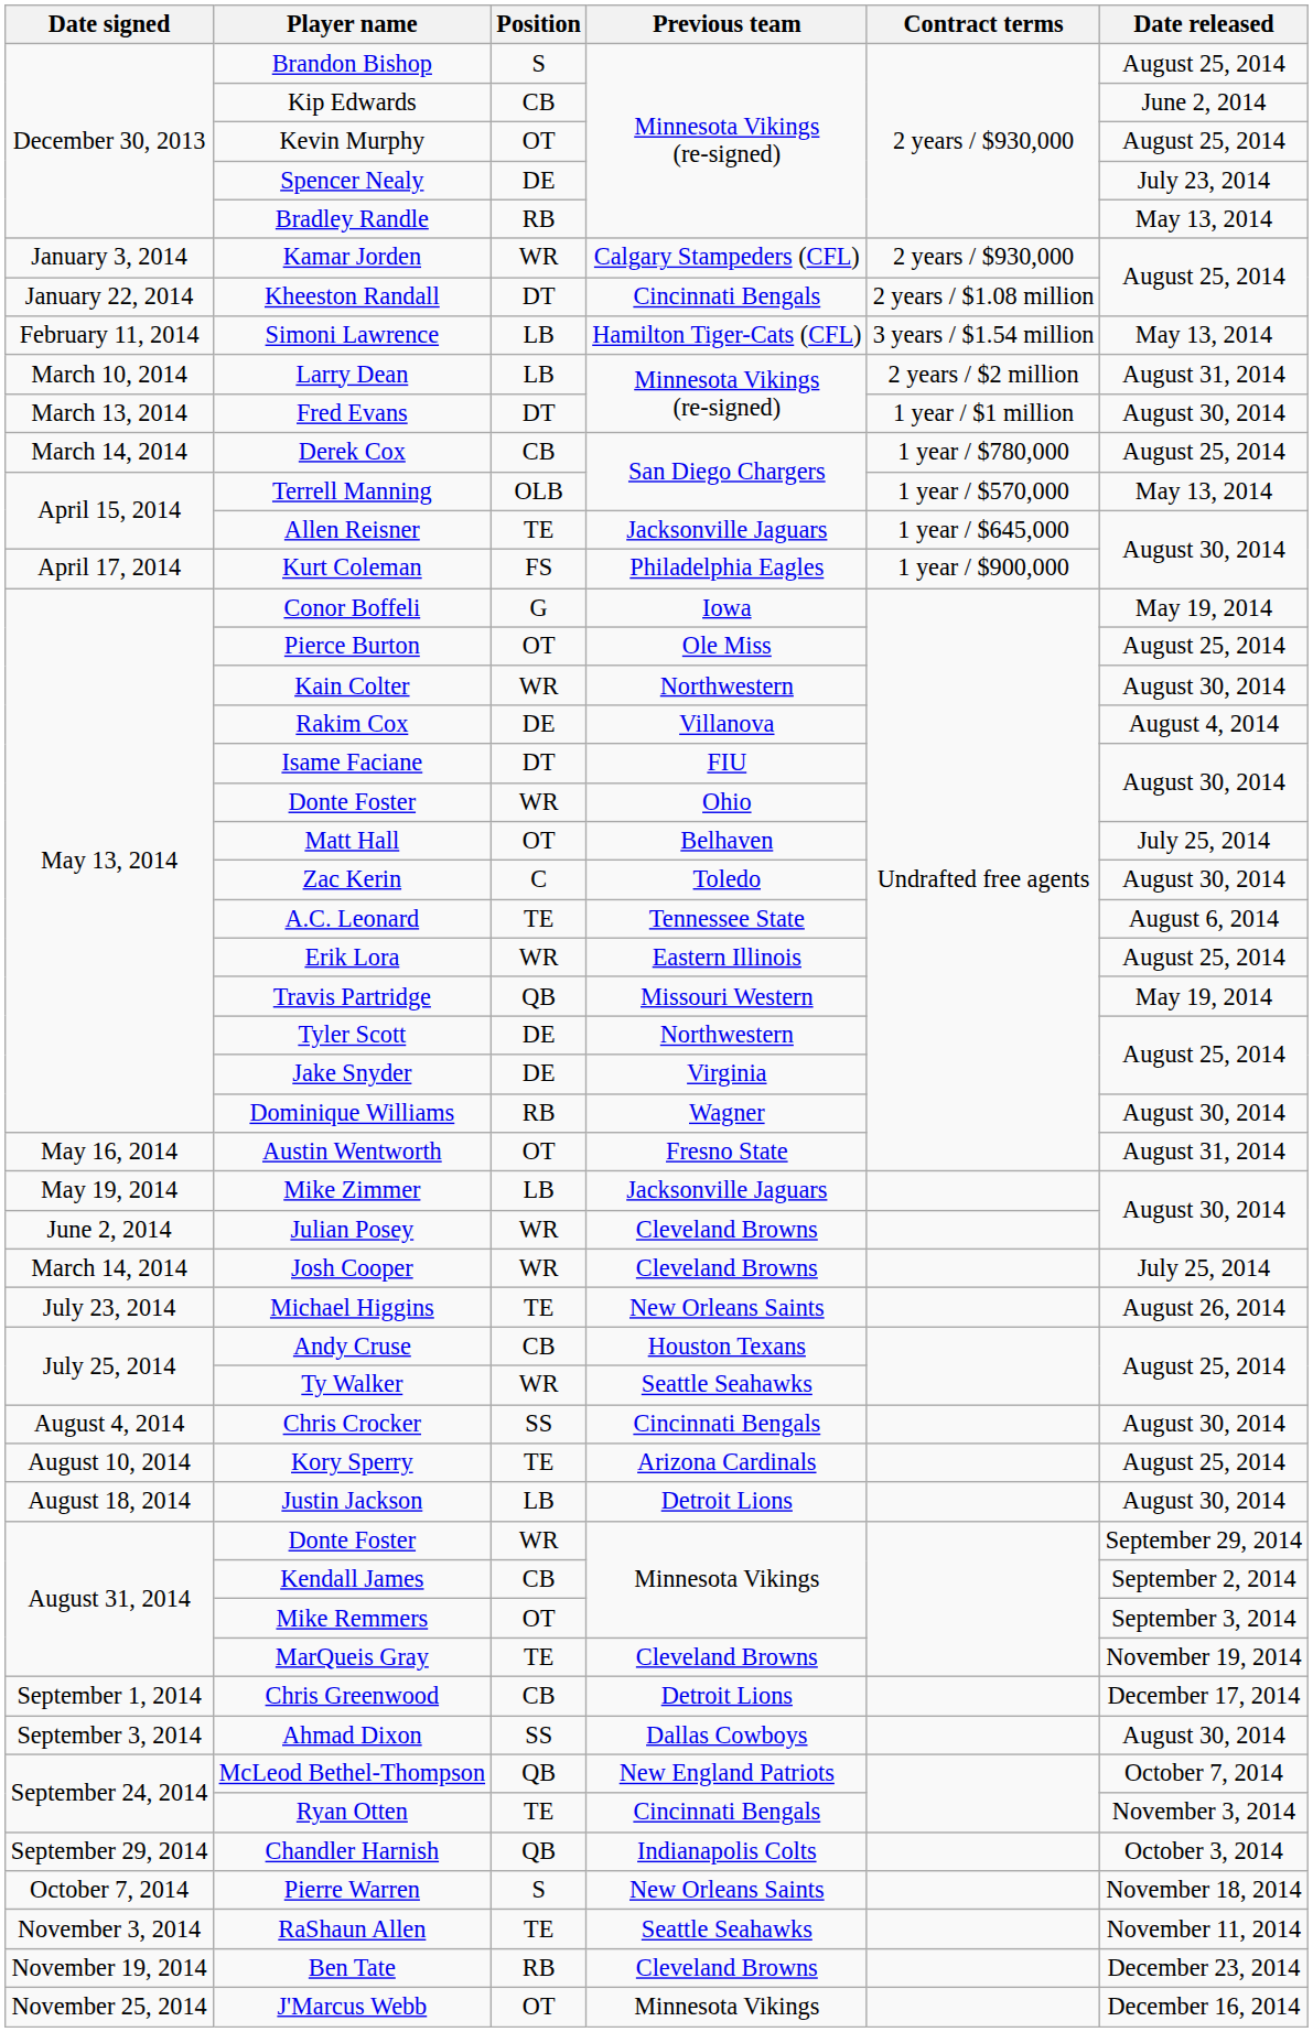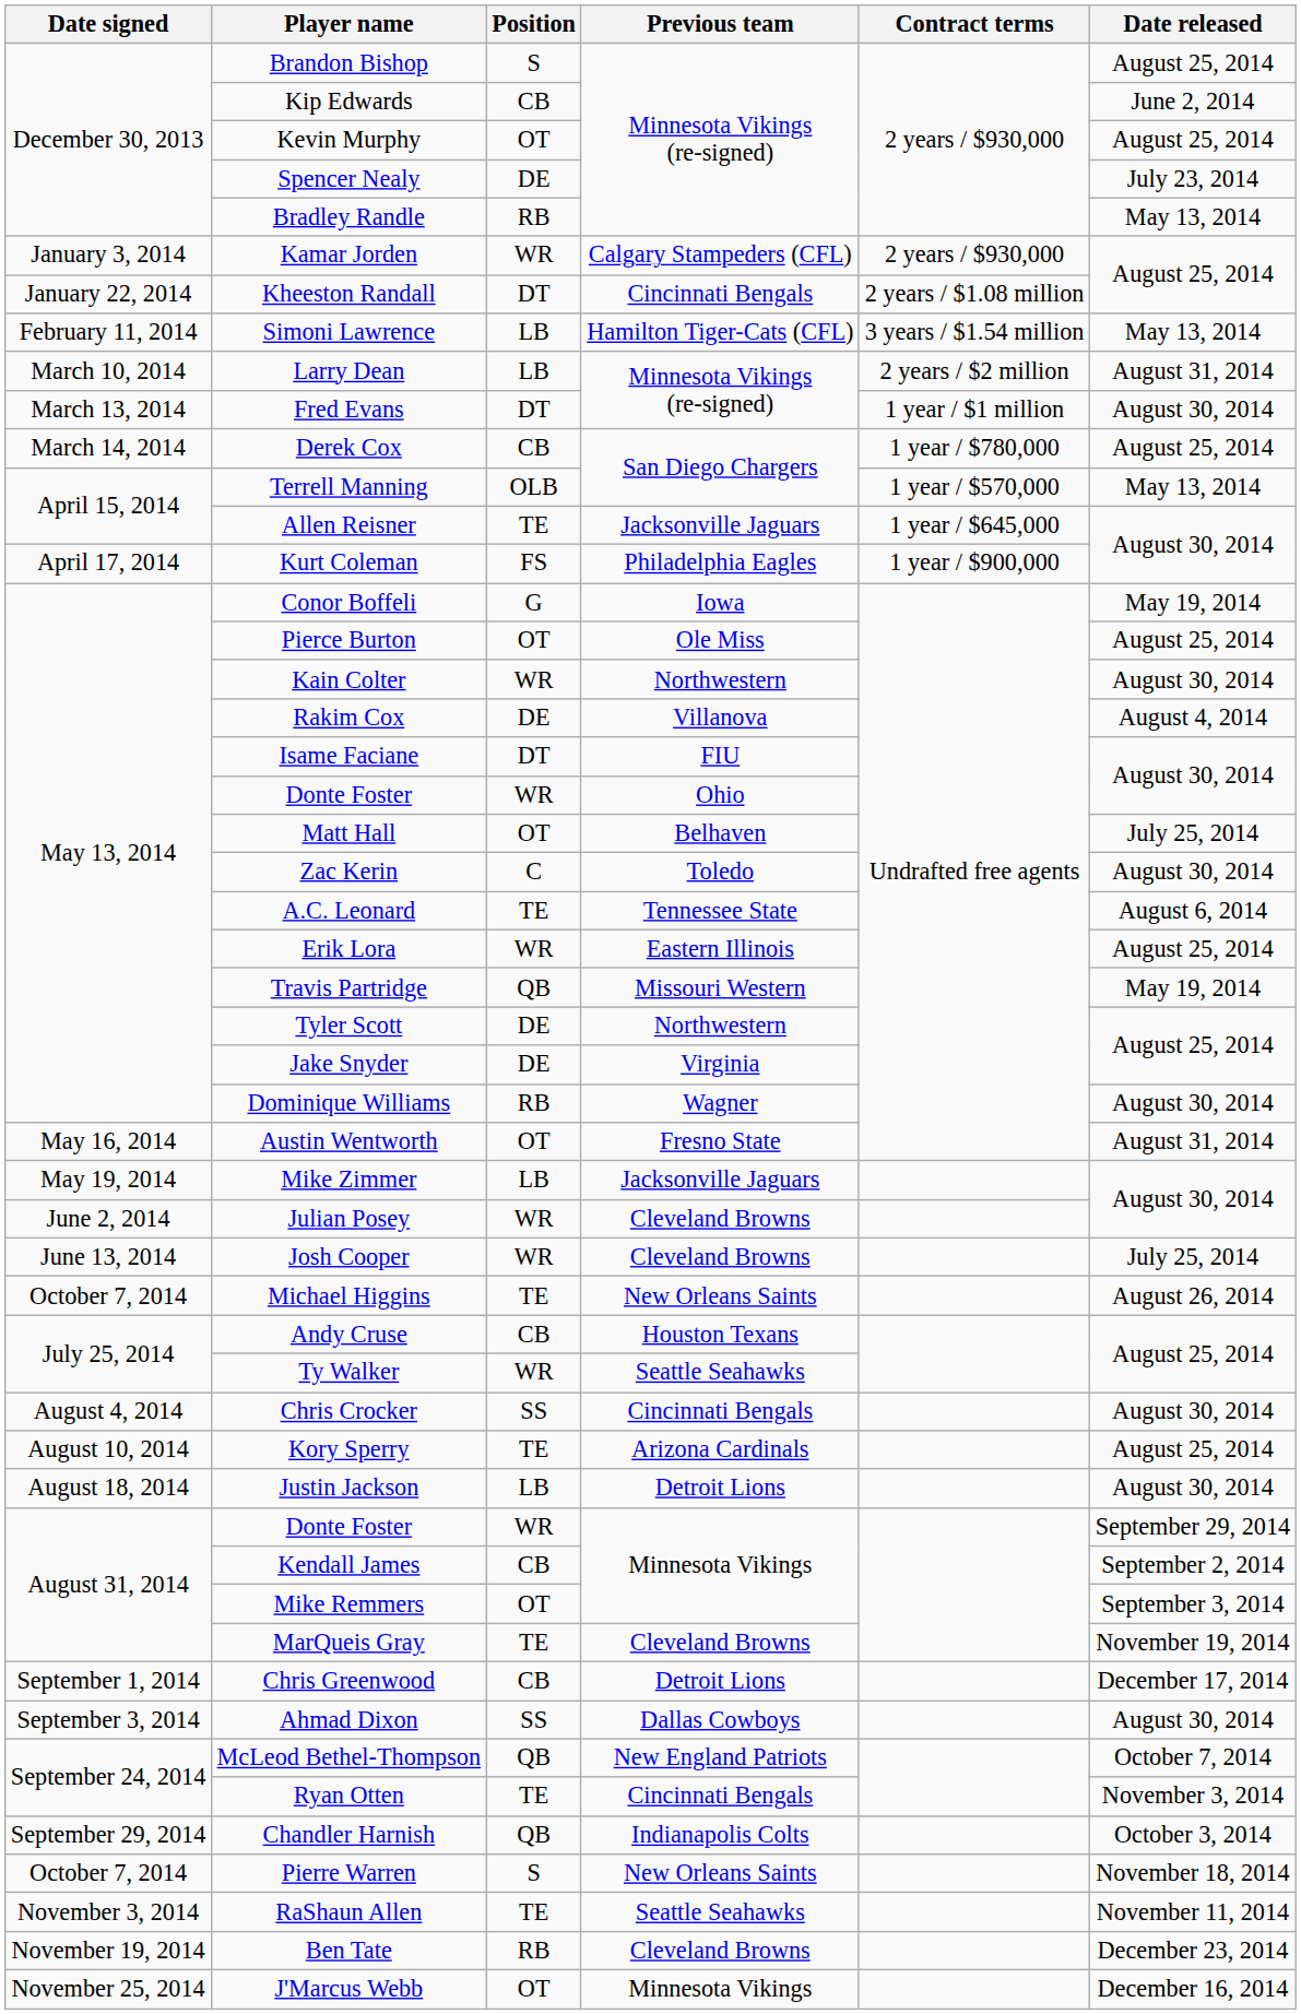 <table class="wikitable collapsible collapsed" style="text-align:center">
 <tr>
 <th>Date signed</th>
 <th>Player name</th>
 <th>Position</th>
 <th>Previous team</th>
 <th>Contract terms</th>
 <th>Date released</th>
 </tr>
 <tr>
 <td rowspan="5">December 30, 2013</td>
 <td><a href='#'>Brandon Bishop</a></td>
 <td>S</td>
 <td rowspan="5"><a href='#'>Minnesota Vikings</a> <br>(re-signed)</td>
 <td rowspan="5">2 years / $930,000</td>
 <td>August 25, 2014</td>
 </tr>
 <tr>
 <td>Kip Edwards</td>
 <td>CB</td>
 <td>June 2, 2014</td>
 </tr>
 <tr>
 <td>Kevin Murphy</td>
 <td>OT</td>
 <td>August 25, 2014</td>
 </tr>
 <tr>
 <td><a href='#'>Spencer Nealy</a></td>
 <td>DE</td>
 <td>July 23, 2014</td>
 </tr>
 <tr>
 <td><a href='#'>Bradley Randle</a></td>
 <td>RB</td>
 <td>May 13, 2014</td>
 </tr>
 <tr>
 <td>January 3, 2014</td>
 <td><a href='#'>Kamar Jorden</a></td>
 <td>WR</td>
 <td><a href='#'>Calgary Stampeders</a> (<a href='#'>CFL</a>)</td>
 <td>2 years / $930,000</td>
 <td rowspan="2">August 25, 2014</td>
 </tr>
 <tr>
 <td>January 22, 2014</td>
 <td><a href='#'>Kheeston Randall</a></td>
 <td>DT</td>
 <td><a href='#'>Cincinnati Bengals</a></td>
 <td>2 years / $1.08 million</td>
 </tr>
 <tr>
 <td>February 11, 2014</td>
 <td><a href='#'>Simoni Lawrence</a></td>
 <td>LB</td>
 <td><a href='#'>Hamilton Tiger-Cats</a> (<a href='#'>CFL</a>)</td>
 <td>3 years / $1.54 million</td>
 <td>May 13, 2014</td>
 </tr>
 <tr>
 <td>March 10, 2014</td>
 <td><a href='#'>Larry Dean</a></td>
 <td>LB</td>
 <td rowspan="2"><a href='#'>Minnesota Vikings</a> <br>(re-signed)</td>
 <td>2 years / $2 million</td>
 <td>August 31, 2014</td>
 </tr>
 <tr>
 <td>March 13, 2014</td>
 <td><a href='#'>Fred Evans</a></td>
 <td>DT</td>
 <td>1 year / $1 million</td>
 <td>August 30, 2014</td>
 </tr>
 <tr>
 <td>March 14, 2014</td>
 <td><a href='#'>Derek Cox</a></td>
 <td>CB</td>
 <td rowspan="2"><a href='#'>San Diego Chargers</a></td>
 <td>1 year / $780,000</td>
 <td>August 25, 2014</td>
 </tr>
 <tr>
 <td rowspan="2">April 15, 2014</td>
 <td><a href='#'>Terrell Manning</a></td>
 <td>OLB</td>
 <td>1 year / $570,000</td>
 <td>May 13, 2014</td>
 </tr>
 <tr>
 <td><a href='#'>Allen Reisner</a></td>
 <td>TE</td>
 <td><a href='#'>Jacksonville Jaguars</a></td>
 <td>1 year / $645,000</td>
 <td rowspan="2">August 30, 2014</td>
 </tr>
 <tr>
 <td>April 17, 2014</td>
 <td><a href='#'>Kurt Coleman</a></td>
 <td>FS</td>
 <td><a href='#'>Philadelphia Eagles</a></td>
 <td>1 year / $900,000</td>
 </tr>
 <tr>
 <td rowspan="14">May 13, 2014</td>
 <td><a href='#'>Conor Boffeli</a></td>
 <td>G</td>
 <td><a href='#'>Iowa</a></td>
 <td rowspan="15">Undrafted free agents</td>
 <td>May 19, 2014</td>
 </tr>
 <tr>
 <td><a href='#'>Pierce Burton</a></td>
 <td>OT</td>
 <td><a href='#'>Ole Miss</a></td>
 <td>August 25, 2014</td>
 </tr>
 <tr>
 <td><a href='#'>Kain Colter</a></td>
 <td>WR</td>
 <td><a href='#'>Northwestern</a></td>
 <td>August 30, 2014</td>
 </tr>
 <tr>
 <td><a href='#'>Rakim Cox</a></td>
 <td>DE</td>
 <td><a href='#'>Villanova</a></td>
 <td>August 4, 2014</td>
 </tr>
 <tr>
 <td><a href='#'>Isame Faciane</a></td>
 <td>DT</td>
 <td><a href='#'>FIU</a></td>
 <td rowspan="2">August 30, 2014</td>
 </tr>
 <tr>
 <td><a href='#'>Donte Foster</a></td>
 <td>WR</td>
 <td><a href='#'>Ohio</a></td>
 </tr>
 <tr>
 <td><a href='#'>Matt Hall</a></td>
 <td>OT</td>
 <td><a href='#'>Belhaven</a></td>
 <td>July 25, 2014</td>
 </tr>
 <tr>
 <td><a href='#'>Zac Kerin</a></td>
 <td>C</td>
 <td><a href='#'>Toledo</a></td>
 <td>August 30, 2014</td>
 </tr>
 <tr>
 <td><a href='#'>A.C. Leonard</a></td>
 <td>TE</td>
 <td><a href='#'>Tennessee State</a></td>
 <td>August 6, 2014</td>
 </tr>
 <tr>
 <td><a href='#'>Erik Lora</a></td>
 <td>WR</td>
 <td><a href='#'>Eastern Illinois</a></td>
 <td>August 25, 2014</td>
 </tr>
 <tr>
 <td><a href='#'>Travis Partridge</a></td>
 <td>QB</td>
 <td><a href='#'>Missouri Western</a></td>
 <td>May 19, 2014</td>
 </tr>
 <tr>
 <td><a href='#'>Tyler Scott</a></td>
 <td>DE</td>
 <td><a href='#'>Northwestern</a></td>
 <td rowspan="2">August 25, 2014</td>
 </tr>
 <tr>
 <td><a href='#'>Jake Snyder</a></td>
 <td>DE</td>
 <td><a href='#'>Virginia</a></td>
 </tr>
 <tr>
 <td><a href='#'>Dominique Williams</a></td>
 <td>RB</td>
 <td><a href='#'>Wagner</a></td>
 <td>August 30, 2014</td>
 </tr>
 <tr>
 <td>May 16, 2014</td>
 <td><a href='#'>Austin Wentworth</a></td>
 <td>OT</td>
 <td><a href='#'>Fresno State</a></td>
 <td>August 31, 2014</td>
 </tr>
 <tr>
 <td>May 19, 2014</td>
 <td><a href='#'>Mike Zimmer</a></td>
 <td>LB</td>
 <td><a href='#'>Jacksonville Jaguars</a></td>
 <td></td>
 <td rowspan="2">August 30, 2014</td>
 </tr>
 <tr>
 <td>June 2, 2014</td>
 <td><a href='#'>Julian Posey</a></td>
 <td>WR</td>
 <td><a href='#'>Cleveland Browns</a></td>
 <td></td>
 </tr>
 <tr>
-<td>March 14, 2014</td>
+<td>June 13, 2014</td>
 <td><a href='#'>Josh Cooper</a></td>
 <td>WR</td>
 <td><a href='#'>Cleveland Browns</a></td>
 <td></td>
 <td>July 25, 2014</td>
 </tr>
 <tr>
-<td>July 23, 2014</td>
+<td>October 7, 2014</td>
 <td><a href='#'>Michael Higgins</a></td>
 <td>TE</td>
 <td><a href='#'>New Orleans Saints</a></td>
 <td></td>
 <td>August 26, 2014</td>
 </tr>
 <tr>
 <td rowspan="2">July 25, 2014</td>
 <td><a href='#'>Andy Cruse</a></td>
 <td>CB</td>
 <td><a href='#'>Houston Texans</a></td>
 <td rowspan="2"></td>
 <td rowspan="2">August 25, 2014</td>
 </tr>
 <tr>
 <td><a href='#'>Ty Walker</a></td>
 <td>WR</td>
 <td><a href='#'>Seattle Seahawks</a></td>
 </tr>
 <tr>
 <td>August 4, 2014</td>
 <td><a href='#'>Chris Crocker</a></td>
 <td>SS</td>
 <td><a href='#'>Cincinnati Bengals</a></td>
 <td></td>
 <td>August 30, 2014</td>
 </tr>
 <tr>
 <td>August 10, 2014</td>
 <td><a href='#'>Kory Sperry</a></td>
 <td>TE</td>
 <td><a href='#'>Arizona Cardinals</a></td>
 <td></td>
 <td>August 25, 2014</td>
 </tr>
 <tr>
 <td>August 18, 2014</td>
 <td><a href='#'>Justin Jackson</a></td>
 <td>LB</td>
 <td><a href='#'>Detroit Lions</a></td>
 <td></td>
 <td>August 30, 2014</td>
 </tr>
 <tr>
 <td rowspan="4">August 31, 2014</td>
 <td><a href='#'>Donte Foster</a></td>
 <td>WR</td>
 <td rowspan="3">Minnesota Vikings</td>
 <td rowspan="4"></td>
 <td>September 29, 2014</td>
 </tr>
 <tr>
 <td><a href='#'>Kendall James</a></td>
 <td>CB</td>
 <td>September 2, 2014</td>
 </tr>
 <tr>
 <td><a href='#'>Mike Remmers</a></td>
 <td>OT</td>
 <td>September 3, 2014</td>
 </tr>
 <tr>
 <td><a href='#'>MarQueis Gray</a></td>
 <td>TE</td>
 <td><a href='#'>Cleveland Browns</a></td>
 <td>November 19, 2014</td>
 </tr>
 <tr>
 <td>September 1, 2014</td>
 <td><a href='#'>Chris Greenwood</a></td>
 <td>CB</td>
 <td><a href='#'>Detroit Lions</a></td>
 <td></td>
 <td>December 17, 2014</td>
 </tr>
 <tr>
 <td>September 3, 2014</td>
 <td><a href='#'>Ahmad Dixon</a></td>
 <td>SS</td>
 <td><a href='#'>Dallas Cowboys</a></td>
 <td></td>
 <td>August 30, 2014</td>
 </tr>
 <tr>
 <td rowspan=2>September 24, 2014</td>
 <td><a href='#'>McLeod Bethel-Thompson</a></td>
 <td>QB</td>
 <td><a href='#'>New England Patriots</a></td>
 <td rowspan=2></td>
 <td>October 7, 2014</td>
 </tr>
 <tr>
 <td><a href='#'>Ryan Otten</a></td>
 <td>TE</td>
 <td><a href='#'>Cincinnati Bengals</a></td>
 <td>November 3, 2014</td>
 </tr>
 <tr>
 <td>September 29, 2014</td>
 <td><a href='#'>Chandler Harnish</a></td>
 <td>QB</td>
 <td><a href='#'>Indianapolis Colts</a></td>
 <td></td>
 <td>October 3, 2014</td>
 </tr>
 <tr>
 <td>October 7, 2014</td>
 <td><a href='#'>Pierre Warren</a></td>
 <td>S</td>
 <td><a href='#'>New Orleans Saints</a></td>
 <td></td>
 <td>November 18, 2014</td>
 </tr>
 <tr>
 <td>November 3, 2014</td>
 <td><a href='#'>RaShaun Allen</a></td>
 <td>TE</td>
 <td><a href='#'>Seattle Seahawks</a></td>
 <td></td>
 <td>November 11, 2014</td>
 </tr>
 <tr>
 <td>November 19, 2014</td>
 <td><a href='#'>Ben Tate</a></td>
 <td>RB</td>
 <td><a href='#'>Cleveland Browns</a></td>
 <td></td>
 <td>December 23, 2014</td>
 </tr>
 <tr>
 <td>November 25, 2014</td>
 <td><a href='#'>J'Marcus Webb</a></td>
 <td>OT</td>
 <td>Minnesota Vikings</td>
 <td></td>
 <td>December 16, 2014</td>
 </tr>
 </table>
